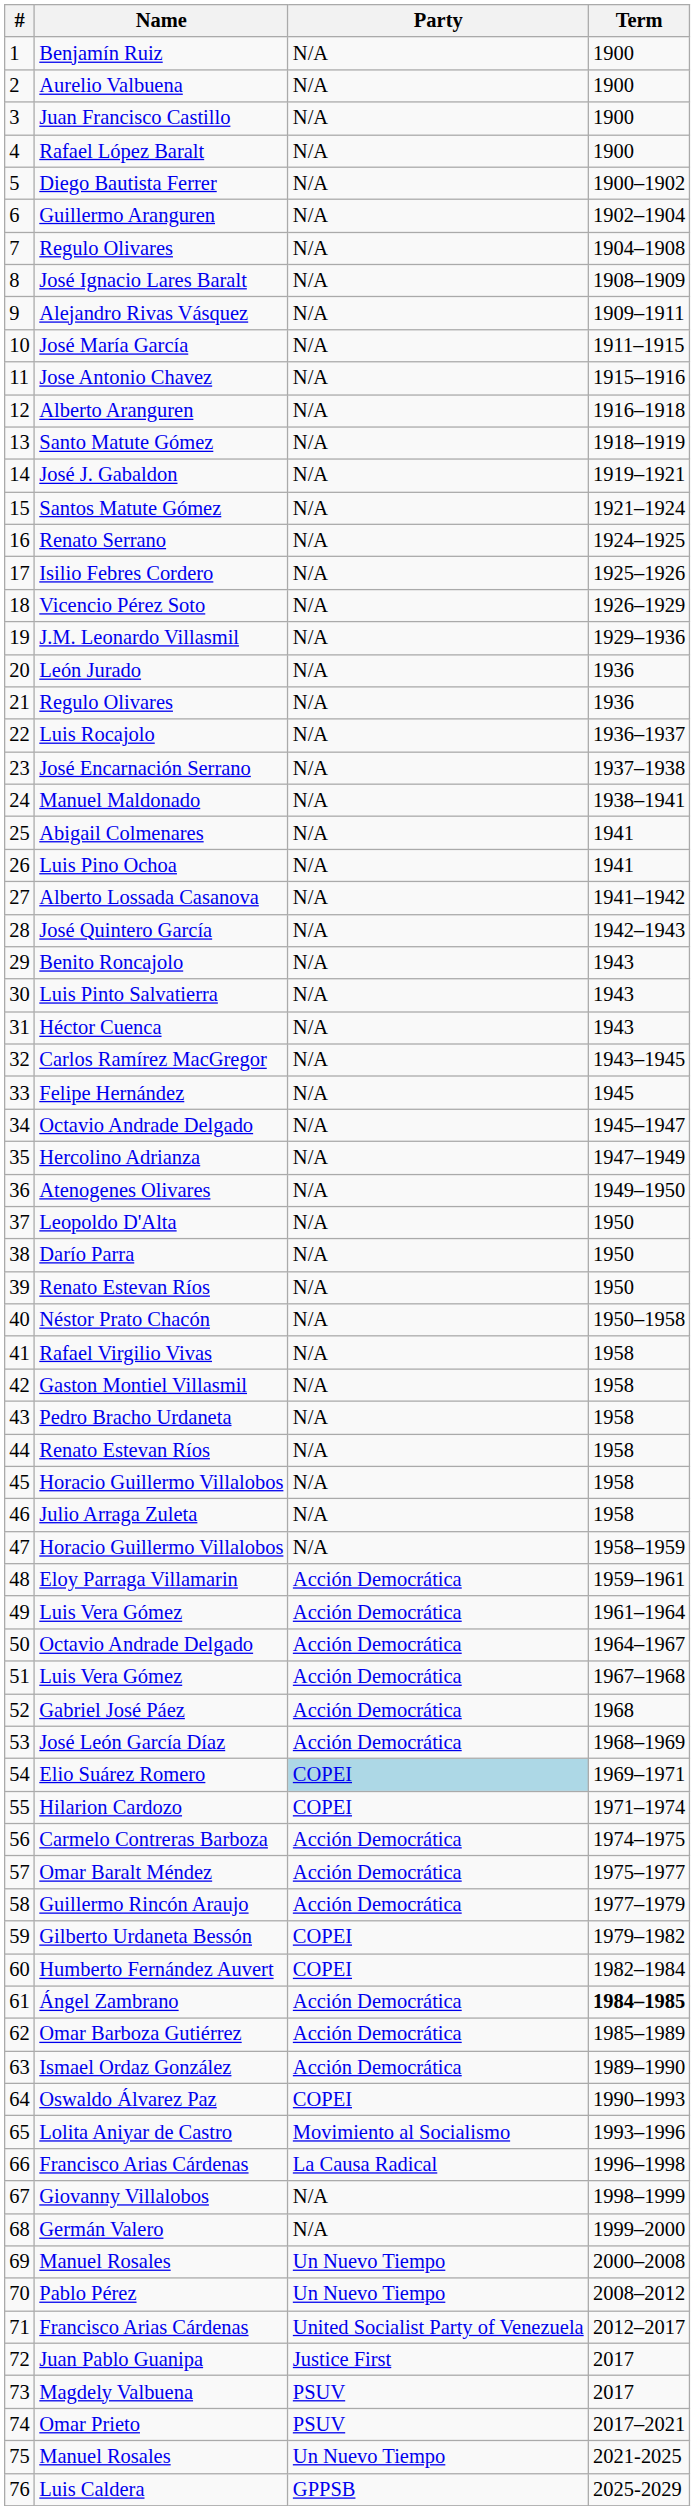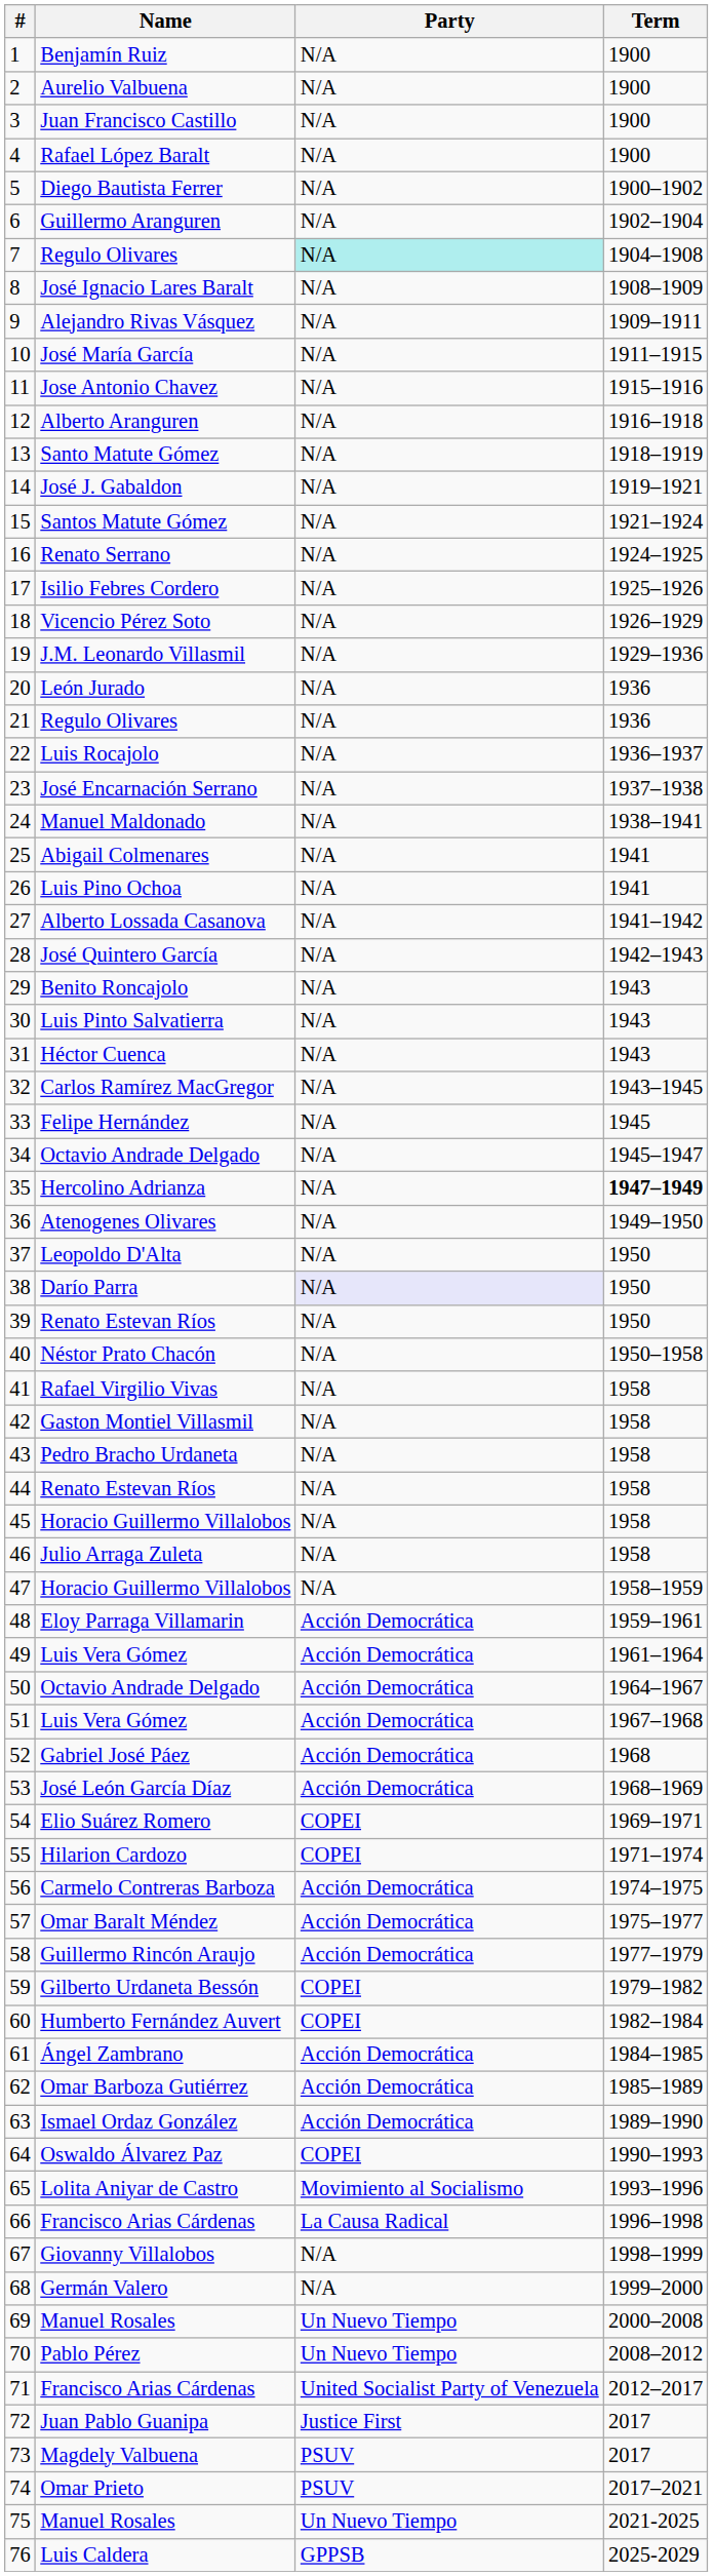 <table class="wikitable">
 <tr>
 <th>#</th>
 <th>Name</th>
 <th>Party</th>
 <th>Term</th>
 </tr>
 <tr>
 <td>1</td>
 <td><a href='#'>Benjamín Ruiz</a></td>
 <td>N/A</td>
 <td>1900</td>
 </tr>
 <tr>
 <td>2</td>
 <td><a href='#'>Aurelio Valbuena</a></td>
 <td>N/A</td>
 <td>1900</td>
 </tr>
 <tr>
 <td>3</td>
 <td><a href='#'>Juan Francisco Castillo</a></td>
 <td>N/A</td>
 <td>1900</td>
 </tr>
 <tr>
 <td>4</td>
 <td><a href='#'>Rafael López Baralt</a></td>
 <td>N/A</td>
 <td>1900</td>
 </tr>
 <tr>
 <td>5</td>
 <td><a href='#'>Diego Bautista Ferrer</a></td>
 <td>N/A</td>
 <td>1900–1902</td>
 </tr>
 <tr>
 <td>6</td>
 <td><a href='#'>Guillermo Aranguren</a></td>
 <td>N/A</td>
 <td>1902–1904</td>
 </tr>
 <tr>
 <td>7</td>
 <td><a href='#'>Regulo Olivares</a></td>
-<td>N/A</td>
+<td style="background: paleturquoise;">N/A</td>
 <td>1904–1908</td>
 </tr>
 <tr>
 <td>8</td>
 <td><a href='#'>José Ignacio Lares Baralt</a></td>
 <td>N/A</td>
 <td>1908–1909</td>
 </tr>
 <tr>
 <td>9</td>
 <td><a href='#'>Alejandro Rivas Vásquez</a></td>
 <td>N/A</td>
 <td>1909–1911</td>
 </tr>
 <tr>
 <td>10</td>
 <td><a href='#'>José María García</a></td>
 <td>N/A</td>
 <td>1911–1915</td>
 </tr>
 <tr>
 <td>11</td>
 <td><a href='#'>Jose Antonio Chavez</a></td>
 <td>N/A</td>
 <td>1915–1916</td>
 </tr>
 <tr>
 <td>12</td>
 <td><a href='#'>Alberto Aranguren</a></td>
 <td>N/A</td>
 <td>1916–1918</td>
 </tr>
 <tr>
 <td>13</td>
 <td><a href='#'>Santo Matute Gómez</a></td>
 <td>N/A</td>
 <td>1918–1919</td>
 </tr>
 <tr>
 <td>14</td>
 <td><a href='#'>José J. Gabaldon</a></td>
 <td>N/A</td>
 <td>1919–1921</td>
 </tr>
 <tr>
 <td>15</td>
 <td><a href='#'>Santos Matute Gómez</a></td>
 <td>N/A</td>
 <td>1921–1924</td>
 </tr>
 <tr>
 <td>16</td>
 <td><a href='#'>Renato Serrano</a></td>
 <td>N/A</td>
 <td>1924–1925</td>
 </tr>
 <tr>
 <td>17</td>
 <td><a href='#'>Isilio Febres Cordero</a></td>
 <td>N/A</td>
 <td>1925–1926</td>
 </tr>
 <tr>
 <td>18</td>
 <td><a href='#'>Vicencio Pérez Soto</a></td>
 <td>N/A</td>
 <td>1926–1929</td>
 </tr>
 <tr>
 <td>19</td>
 <td><a href='#'>J.M. Leonardo Villasmil</a></td>
 <td>N/A</td>
 <td>1929–1936</td>
 </tr>
 <tr>
 <td>20</td>
 <td><a href='#'>León Jurado</a></td>
 <td>N/A</td>
 <td>1936</td>
 </tr>
 <tr>
 <td>21</td>
 <td><a href='#'>Regulo Olivares</a></td>
 <td>N/A</td>
 <td>1936</td>
 </tr>
 <tr>
 <td>22</td>
 <td><a href='#'>Luis Rocajolo</a></td>
 <td>N/A</td>
 <td>1936–1937</td>
 </tr>
 <tr>
 <td>23</td>
 <td><a href='#'>José Encarnación Serrano</a></td>
 <td>N/A</td>
 <td>1937–1938</td>
 </tr>
 <tr>
 <td>24</td>
 <td><a href='#'>Manuel Maldonado</a></td>
 <td>N/A</td>
 <td>1938–1941</td>
 </tr>
 <tr>
 <td>25</td>
 <td><a href='#'>Abigail Colmenares</a></td>
 <td>N/A</td>
 <td>1941</td>
 </tr>
 <tr>
 <td>26</td>
 <td><a href='#'>Luis Pino Ochoa</a></td>
 <td>N/A</td>
 <td>1941</td>
 </tr>
 <tr>
 <td>27</td>
 <td><a href='#'>Alberto Lossada Casanova</a></td>
 <td>N/A</td>
 <td>1941–1942</td>
 </tr>
 <tr>
 <td>28</td>
 <td><a href='#'>José Quintero García</a></td>
 <td>N/A</td>
 <td>1942–1943</td>
 </tr>
 <tr>
 <td>29</td>
 <td><a href='#'>Benito Roncajolo</a></td>
 <td>N/A</td>
 <td>1943</td>
 </tr>
 <tr>
 <td>30</td>
 <td><a href='#'>Luis Pinto Salvatierra</a></td>
 <td>N/A</td>
 <td>1943</td>
 </tr>
 <tr>
 <td>31</td>
 <td><a href='#'>Héctor Cuenca</a></td>
 <td>N/A</td>
 <td>1943</td>
 </tr>
 <tr>
 <td>32</td>
 <td><a href='#'>Carlos Ramírez MacGregor</a></td>
 <td>N/A</td>
 <td>1943–1945</td>
 </tr>
 <tr>
 <td>33</td>
 <td><a href='#'>Felipe Hernández</a></td>
 <td>N/A</td>
 <td>1945</td>
 </tr>
 <tr>
 <td>34</td>
 <td><a href='#'>Octavio Andrade Delgado</a></td>
 <td>N/A</td>
 <td>1945–1947</td>
 </tr>
 <tr>
 <td>35</td>
 <td><a href='#'>Hercolino Adrianza</a></td>
 <td>N/A</td>
-<td>1947–1949</td>
+<td><strong>1947–1949</strong></td>
 </tr>
 <tr>
 <td>36</td>
 <td><a href='#'>Atenogenes Olivares</a></td>
 <td>N/A</td>
 <td>1949–1950</td>
 </tr>
 <tr>
 <td>37</td>
 <td><a href='#'>Leopoldo D'Alta</a></td>
 <td>N/A</td>
 <td>1950</td>
 </tr>
 <tr>
 <td>38</td>
 <td><a href='#'>Darío Parra</a></td>
-<td>N/A</td>
+<td style="background: lavender;">N/A</td>
 <td>1950</td>
 </tr>
 <tr>
 <td>39</td>
 <td><a href='#'>Renato Estevan Ríos</a></td>
 <td>N/A</td>
 <td>1950</td>
 </tr>
 <tr>
 <td>40</td>
 <td><a href='#'>Néstor Prato Chacón</a></td>
 <td>N/A</td>
 <td>1950–1958</td>
 </tr>
 <tr>
 <td>41</td>
 <td><a href='#'>Rafael Virgilio Vivas</a></td>
 <td>N/A</td>
 <td>1958</td>
 </tr>
 <tr>
 <td>42</td>
 <td><a href='#'>Gaston Montiel Villasmil</a></td>
 <td>N/A</td>
 <td>1958</td>
 </tr>
 <tr>
 <td>43</td>
 <td><a href='#'>Pedro Bracho Urdaneta</a></td>
 <td>N/A</td>
 <td>1958</td>
 </tr>
 <tr>
 <td>44</td>
 <td><a href='#'>Renato Estevan Ríos</a></td>
 <td>N/A</td>
 <td>1958</td>
 </tr>
 <tr>
 <td>45</td>
 <td><a href='#'>Horacio Guillermo Villalobos</a></td>
 <td>N/A</td>
 <td>1958</td>
 </tr>
 <tr>
 <td>46</td>
 <td><a href='#'>Julio Arraga Zuleta</a></td>
 <td>N/A</td>
 <td>1958</td>
 </tr>
 <tr>
 <td>47</td>
 <td><a href='#'>Horacio Guillermo Villalobos</a></td>
 <td>N/A</td>
 <td>1958–1959</td>
 </tr>
 <tr>
 <td>48</td>
 <td><a href='#'>Eloy Parraga Villamarin</a></td>
 <td><a href='#'>Acción Democrática</a></td>
 <td>1959–1961</td>
 </tr>
 <tr>
 <td>49</td>
 <td><a href='#'>Luis Vera Gómez</a></td>
 <td><a href='#'>Acción Democrática</a></td>
 <td>1961–1964</td>
 </tr>
 <tr>
 <td>50</td>
 <td><a href='#'>Octavio Andrade Delgado</a></td>
 <td><a href='#'>Acción Democrática</a></td>
 <td>1964–1967</td>
 </tr>
 <tr>
 <td>51</td>
 <td><a href='#'>Luis Vera Gómez</a></td>
 <td><a href='#'>Acción Democrática</a></td>
 <td>1967–1968</td>
 </tr>
 <tr>
 <td>52</td>
 <td><a href='#'>Gabriel José Páez</a></td>
 <td><a href='#'>Acción Democrática</a></td>
 <td>1968</td>
 </tr>
 <tr>
 <td>53</td>
 <td><a href='#'>José León García Díaz</a></td>
 <td><a href='#'>Acción Democrática</a></td>
 <td>1968–1969</td>
 </tr>
 <tr>
 <td>54</td>
 <td><a href='#'>Elio Suárez Romero</a></td>
-<td style="background: lightblue;"><a href='#'>COPEI</a></td>
+<td><a href='#'>COPEI</a></td>
 <td>1969–1971</td>
 </tr>
 <tr>
 <td>55</td>
 <td><a href='#'>Hilarion Cardozo</a></td>
 <td><a href='#'>COPEI</a></td>
 <td>1971–1974</td>
 </tr>
 <tr>
 <td>56</td>
 <td><a href='#'>Carmelo Contreras Barboza</a></td>
 <td><a href='#'>Acción Democrática</a></td>
 <td>1974–1975</td>
 </tr>
 <tr>
 <td>57</td>
 <td><a href='#'>Omar Baralt Méndez</a></td>
 <td><a href='#'>Acción Democrática</a></td>
 <td>1975–1977</td>
 </tr>
 <tr>
 <td>58</td>
 <td><a href='#'>Guillermo Rincón Araujo</a></td>
 <td><a href='#'>Acción Democrática</a></td>
 <td>1977–1979</td>
 </tr>
 <tr>
 <td>59</td>
 <td><a href='#'>Gilberto Urdaneta Bessón</a></td>
 <td><a href='#'>COPEI</a></td>
 <td>1979–1982</td>
 </tr>
 <tr>
 <td>60</td>
 <td><a href='#'>Humberto Fernández Auvert</a></td>
 <td><a href='#'>COPEI</a></td>
 <td>1982–1984</td>
 </tr>
 <tr>
 <td>61</td>
 <td><a href='#'>Ángel Zambrano</a></td>
 <td><a href='#'>Acción Democrática</a></td>
-<td><strong>1984–1985</strong></td>
+<td>1984–1985</td>
 </tr>
 <tr>
 <td>62</td>
 <td><a href='#'>Omar Barboza Gutiérrez</a></td>
 <td><a href='#'>Acción Democrática</a></td>
 <td>1985–1989</td>
 </tr>
 <tr>
 <td>63</td>
 <td><a href='#'>Ismael Ordaz González</a></td>
 <td><a href='#'>Acción Democrática</a></td>
 <td>1989–1990</td>
 </tr>
 <tr>
 <td>64</td>
 <td><a href='#'>Oswaldo Álvarez Paz</a></td>
 <td><a href='#'>COPEI</a></td>
 <td>1990–1993</td>
 </tr>
 <tr>
 <td>65</td>
 <td><a href='#'>Lolita Aniyar de Castro</a></td>
 <td><a href='#'>Movimiento al Socialismo</a></td>
 <td>1993–1996</td>
 </tr>
 <tr>
 <td>66</td>
 <td><a href='#'>Francisco Arias Cárdenas</a></td>
 <td><a href='#'>La Causa Radical</a></td>
 <td>1996–1998</td>
 </tr>
 <tr>
 <td>67</td>
 <td><a href='#'>Giovanny Villalobos</a></td>
 <td>N/A</td>
 <td>1998–1999</td>
 </tr>
 <tr>
 <td>68</td>
 <td><a href='#'>Germán Valero</a></td>
 <td>N/A</td>
 <td>1999–2000</td>
 </tr>
 <tr>
 <td>69</td>
 <td><a href='#'>Manuel Rosales</a></td>
 <td><a href='#'>Un Nuevo Tiempo</a></td>
 <td>2000–2008</td>
 </tr>
 <tr>
 <td>70</td>
 <td><a href='#'>Pablo Pérez</a></td>
 <td><a href='#'>Un Nuevo Tiempo</a></td>
 <td>2008–2012</td>
 </tr>
 <tr>
 <td>71</td>
 <td><a href='#'>Francisco Arias Cárdenas</a></td>
 <td><a href='#'>United Socialist Party of Venezuela</a></td>
 <td>2012–2017</td>
 </tr>
 <tr>
 <td>72</td>
 <td><a href='#'>Juan Pablo Guanipa</a></td>
 <td><a href='#'>Justice First</a></td>
 <td>2017</td>
 </tr>
 <tr>
 <td>73</td>
 <td><a href='#'>Magdely Valbuena</a></td>
 <td><a href='#'>PSUV</a></td>
 <td>2017</td>
 </tr>
 <tr>
 <td>74</td>
 <td><a href='#'>Omar Prieto</a></td>
 <td><a href='#'>PSUV</a></td>
 <td>2017–2021</td>
 </tr>
 <tr>
 <td>75</td>
 <td><a href='#'>Manuel Rosales</a></td>
 <td><a href='#'>Un Nuevo Tiempo</a></td>
 <td>2021-2025</td>
 </tr>
 <tr>
 <td>76</td>
 <td><a href='#'>Luis Caldera</a></td>
 <td><a href='#'>GPPSB</a></td>
 <td>2025-2029</td>
 </tr>
 </table>
